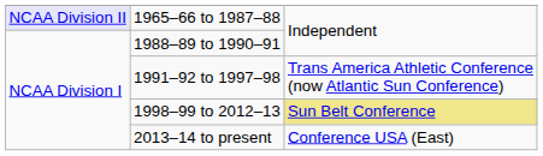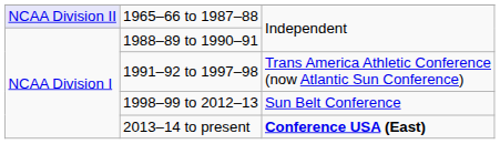 <table class="wikitable">
 <tr>
 </tr>
 <tr>
 <td style="background: lavender;"><a href='#'>NCAA Division II</a></td>
 <td>1965–66 to 1987–88</td>
 <td rowspan="2">Independent</td>
 </tr>
 <tr>
 <td rowspan="4"><a href='#'>NCAA Division I</a></td>
 <td>1988–89 to 1990–91</td>
 </tr>
 <tr>
 <td>1991–92 to 1997–98</td>
 <td><a href='#'>Trans America Athletic Conference</a><br>(now <a href='#'>Atlantic Sun Conference</a>)</td>
 </tr>
 <tr>
 <td>1998–99 to 2012–13</td>
-<td style="background: khaki;"><a href='#'>Sun Belt Conference</a></td>
+<td><a href='#'>Sun Belt Conference</a></td>
 </tr>
 <tr>
 <td>2013–14 to present</td>
-<td><a href='#'>Conference USA</a> (East)</td>
+<td><strong><a href='#'>Conference USA</a> (East)</strong></td>
 </tr>
 </table>
